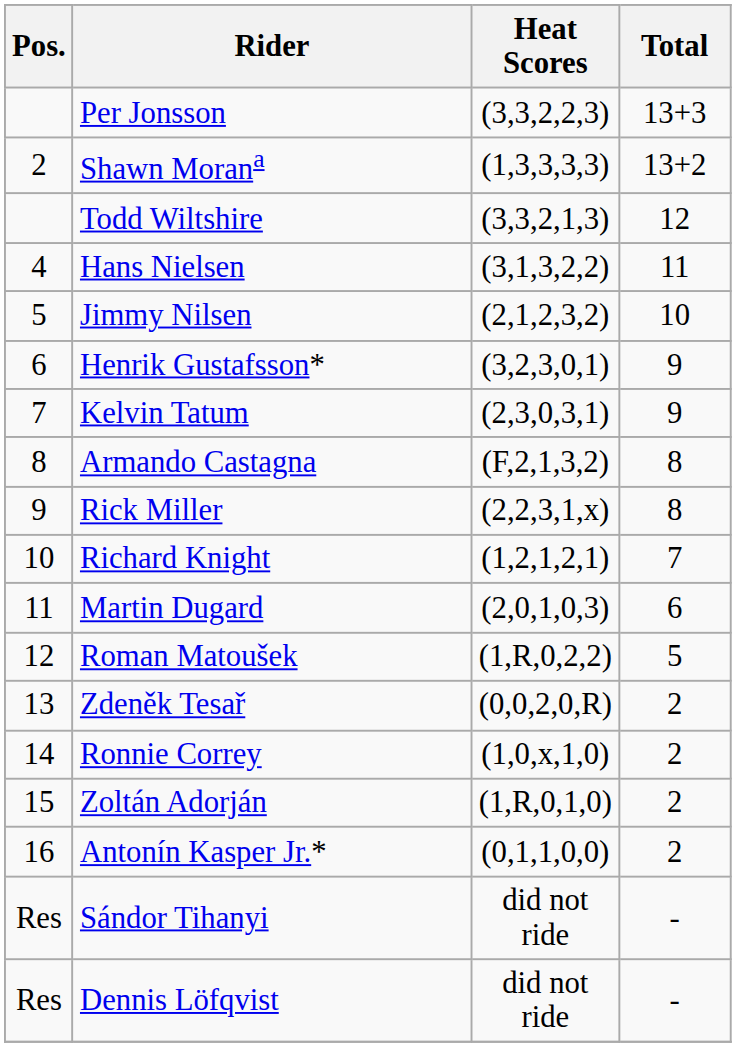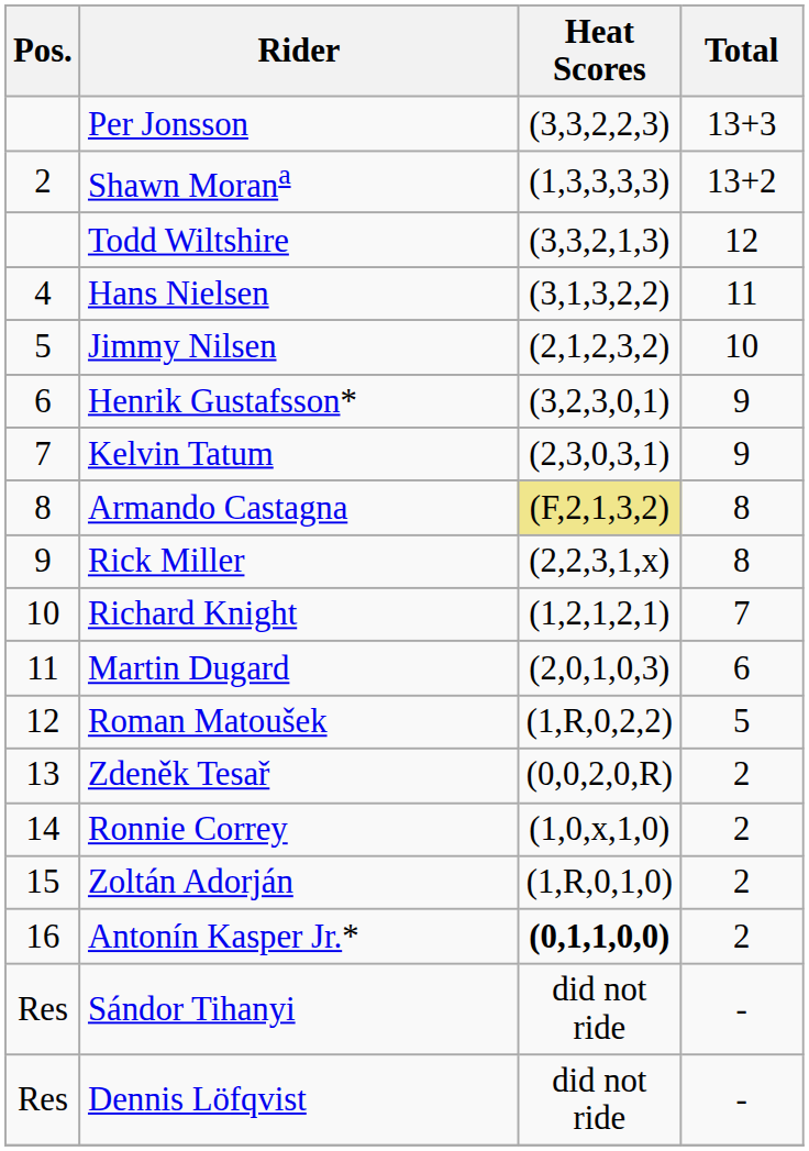 <table class=wikitable>
 <tr>
 <th width=25px>Pos.</th>
 <th width=200px>Rider</th>
 <th width=70px>Heat Scores</th>
 <th width=50px>Total</th>
 </tr>
 <tr align=center >
 <td></td>
 <td align=left> <a href='#'>Per Jonsson</a></td>
 <td>(3,3,2,2,3)</td>
 <td>13+3</td>
 </tr>
 <tr align=center>
 <td>2</td>
 <td align=left> <a href='#'>Shawn Moran</a><sup><a href='#'>a</a></sup></td>
 <td>(1,3,3,3,3)</td>
 <td>13+2</td>
 </tr>
 <tr align=center >
 <td></td>
 <td align=left> <a href='#'>Todd Wiltshire</a></td>
 <td>(3,3,2,1,3)</td>
 <td>12</td>
 </tr>
 <tr align=center>
 <td>4</td>
 <td align=left> <a href='#'>Hans Nielsen</a></td>
 <td>(3,1,3,2,2)</td>
 <td>11</td>
 </tr>
 <tr align=center>
 <td>5</td>
 <td align=left> <a href='#'>Jimmy Nilsen</a></td>
 <td>(2,1,2,3,2)</td>
 <td>10</td>
 </tr>
 <tr align=center>
 <td>6</td>
 <td align=left> <a href='#'>Henrik Gustafsson</a>*</td>
 <td>(3,2,3,0,1)</td>
 <td>9</td>
 </tr>
 <tr align=center>
 <td>7</td>
 <td align=left> <a href='#'>Kelvin Tatum</a></td>
 <td>(2,3,0,3,1)</td>
 <td>9</td>
 </tr>
 <tr align=center>
 <td>8</td>
 <td align=left> <a href='#'>Armando Castagna</a></td>
-<td>(F,2,1,3,2)</td>
+<td style="background: khaki;">(F,2,1,3,2)</td>
 <td>8</td>
 </tr>
 <tr align=center>
 <td>9</td>
 <td align=left> <a href='#'>Rick Miller</a></td>
 <td>(2,2,3,1,x)</td>
 <td>8</td>
 </tr>
 <tr align=center>
 <td>10</td>
 <td align=left> <a href='#'>Richard Knight</a></td>
 <td>(1,2,1,2,1)</td>
 <td>7</td>
 </tr>
 <tr align=center>
 <td>11</td>
 <td align=left> <a href='#'>Martin Dugard</a></td>
 <td>(2,0,1,0,3)</td>
 <td>6</td>
 </tr>
 <tr align=center>
 <td>12</td>
 <td align=left> <a href='#'>Roman Matoušek</a></td>
 <td>(1,R,0,2,2)</td>
 <td>5</td>
 </tr>
 <tr align=center>
 <td>13</td>
 <td align=left> <a href='#'>Zdeněk Tesař</a></td>
 <td>(0,0,2,0,R)</td>
 <td>2</td>
 </tr>
 <tr align=center>
 <td>14</td>
 <td align=left> <a href='#'>Ronnie Correy</a></td>
 <td>(1,0,x,1,0)</td>
 <td>2</td>
 </tr>
 <tr align=center>
 <td>15</td>
 <td align=left> <a href='#'>Zoltán Adorján</a></td>
 <td>(1,R,0,1,0)</td>
 <td>2</td>
 </tr>
 <tr align=center>
 <td>16</td>
 <td align=left> <a href='#'>Antonín Kasper Jr.</a>*</td>
-<td>(0,1,1,0,0)</td>
+<td><strong>(0,1,1,0,0)</strong></td>
 <td>2</td>
 </tr>
 <tr align=center>
 <td>Res</td>
 <td align=left> <a href='#'>Sándor Tihanyi</a></td>
 <td>did not ride</td>
 <td>-</td>
 </tr>
 <tr align=center>
 <td>Res</td>
 <td align=left> <a href='#'>Dennis Löfqvist</a></td>
 <td>did not ride</td>
 <td>-</td>
 </tr>
 <tr align=center>
 </tr>
 </table>
